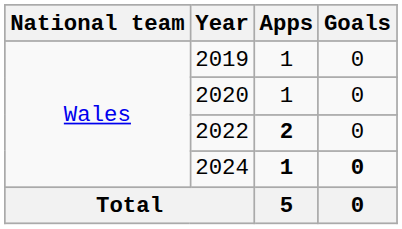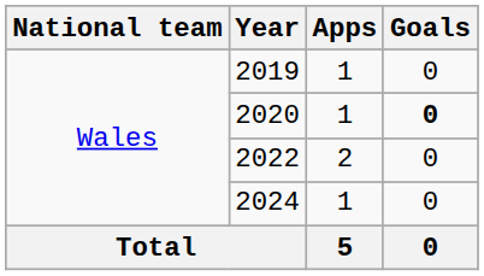 <table class=wikitable style=text-align:center>
 <tr>
 <th>National team</th>
 <th>Year</th>
 <th>Apps</th>
 <th>Goals</th>
 </tr>
 <tr>
 <td rowspan=4><a href='#'>Wales</a></td>
 <td>2019</td>
 <td>1</td>
 <td>0</td>
 </tr>
 <tr>
 <td>2020</td>
 <td>1</td>
-<td>0</td>
+<td><strong>0</strong></td>
 </tr>
 <tr>
 <td>2022</td>
-<td><strong>2</strong></td>
+<td>2</td>
 <td>0</td>
 </tr>
 <tr>
 <td>2024</td>
-<td><strong>1</strong></td>
-<td><strong>0</strong></td>
+<td>1</td>
+<td>0</td>
 </tr>
 <tr>
 <th colspan=2>Total</th>
 <th>5</th>
 <th>0</th>
 </tr>
 </table>
